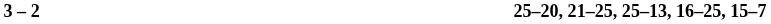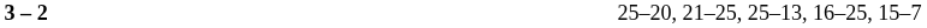 <table width=100% cellspacing=1>
 <tr>
 <th width=20%></th>
 <th width=12%></th>
 <th width=20%></th>
 <th width=33%></th>
 <td></td>
 </tr>
 <tr style=font-size:95%>
 <td align=right><strong></strong></td>
 <td align=center><strong>3 – 2</strong></td>
 <td></td>
-<td><strong>25–20, 21–25, 25–13, 16–25, 15–7</strong></td>
+<td>25–20, 21–25, 25–13, 16–25, 15–7</td>
 </tr>
 </table>
